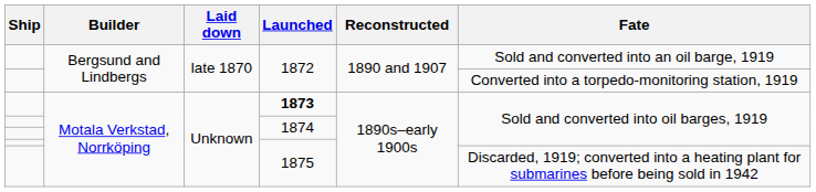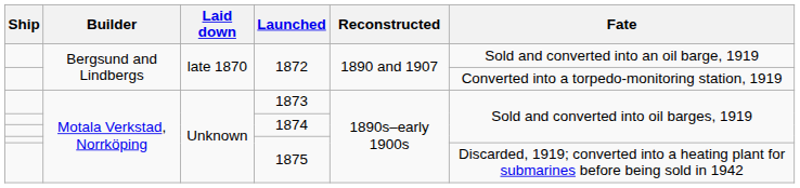 <table class="wikitable" border="1">
 <tr>
 <th>Ship</th>
 <th>Builder</th>
 <th><a href='#'>Laid down</a></th>
 <th><a href='#'>Launched</a></th>
 <th>Reconstructed</th>
 <th>Fate</th>
 </tr>
 <tr>
 <td></td>
 <td align=center rowspan=2>Bergsund and Lindbergs</td>
 <td align=center rowspan=2>late 1870</td>
 <td align=center rowspan=2>1872</td>
 <td align=center rowspan=2>1890 and 1907</td>
 <td align=center>Sold and converted into an oil barge, 1919</td>
 </tr>
 <tr>
 <td></td>
 <td align=center>Converted into a torpedo-monitoring station, 1919</td>
 </tr>
 <tr>
 <td></td>
 <td align=center rowspan=5><a href='#'>Motala Verkstad</a>, <a href='#'>Norrköping</a></td>
 <td align=center rowspan=5>Unknown</td>
-<td align=center><strong>1873</strong></td>
+<td align=center>1873</td>
 <td align=center rowspan=5>1890s–early 1900s</td>
 <td align=center rowspan=4>Sold and converted into oil barges, 1919</td>
 </tr>
 <tr>
 <td></td>
 <td align=center rowspan=2>1874</td>
 </tr>
 <tr>
 <td></td>
 </tr>
 <tr>
 <td></td>
 <td align=center rowspan=2>1875</td>
 </tr>
 <tr>
 <td></td>
 <td align=center>Discarded, 1919; converted into a heating plant for <a href='#'>submarines</a> before being sold in 1942</td>
 </tr>
 </table>
